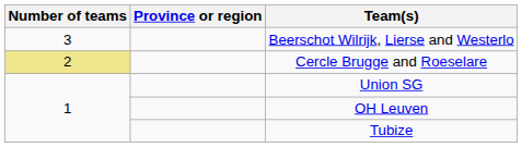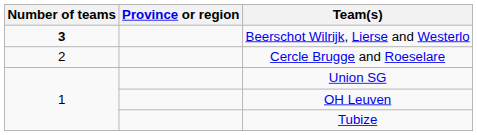 <table class="wikitable" style="text-align:center">
 <tr>
 <th>Number of teams</th>
 <th><a href='#'>Province</a> or region</th>
 <th>Team(s)</th>
 </tr>
 <tr>
-<td>3</td>
+<td><strong>3</strong></td>
 <td align="left"></td>
 <td><a href='#'>Beerschot Wilrijk</a>, <a href='#'>Lierse</a> and <a href='#'>Westerlo</a></td>
 </tr>
 <tr>
-<td style="background: khaki;">2</td>
+<td>2</td>
 <td align="left"></td>
 <td><a href='#'>Cercle Brugge</a> and <a href='#'>Roeselare</a></td>
 </tr>
 <tr>
 <td rowspan="3">1</td>
 <td align="left"></td>
 <td><a href='#'>Union SG</a></td>
 </tr>
 <tr>
 <td align="left"></td>
 <td><a href='#'>OH Leuven</a></td>
 </tr>
 <tr>
 <td align="left"></td>
 <td><a href='#'>Tubize</a></td>
 </tr>
 </table>
